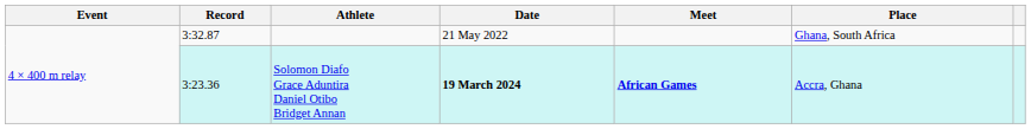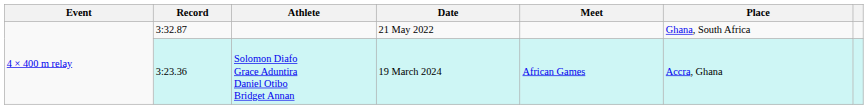 <table class="wikitable" style="font-size:95%; width: 100%;">
 <tr>
 <th>Event</th>
 <th>Record</th>
 <th>Athlete</th>
 <th>Date</th>
 <th>Meet</th>
 <th>Place</th>
 <th></th>
 </tr>
 <tr>
 <td rowspan=2><a href='#'>4 × 400 m relay</a></td>
 <td>3:32.87</td>
 <td></td>
 <td>21 May 2022</td>
 <td></td>
 <td><a href='#'>Ghana</a>, South Africa</td>
 <td></td>
 </tr>
 <tr bgcolor=#CEF6F5>
 <td>3:23.36</td>
 <td><br><a href='#'>Solomon Diafo</a><br><a href='#'>Grace Aduntira</a><br><a href='#'>Daniel Otibo</a><br><a href='#'>Bridget Annan</a></td>
-<td><strong>19 March 2024</strong></td>
-<td><strong><a href='#'>African Games</a></strong></td>
+<td>19 March 2024</td>
+<td><a href='#'>African Games</a></td>
 <td><a href='#'>Accra</a>, Ghana</td>
 <td></td>
 </tr>
 </table>
